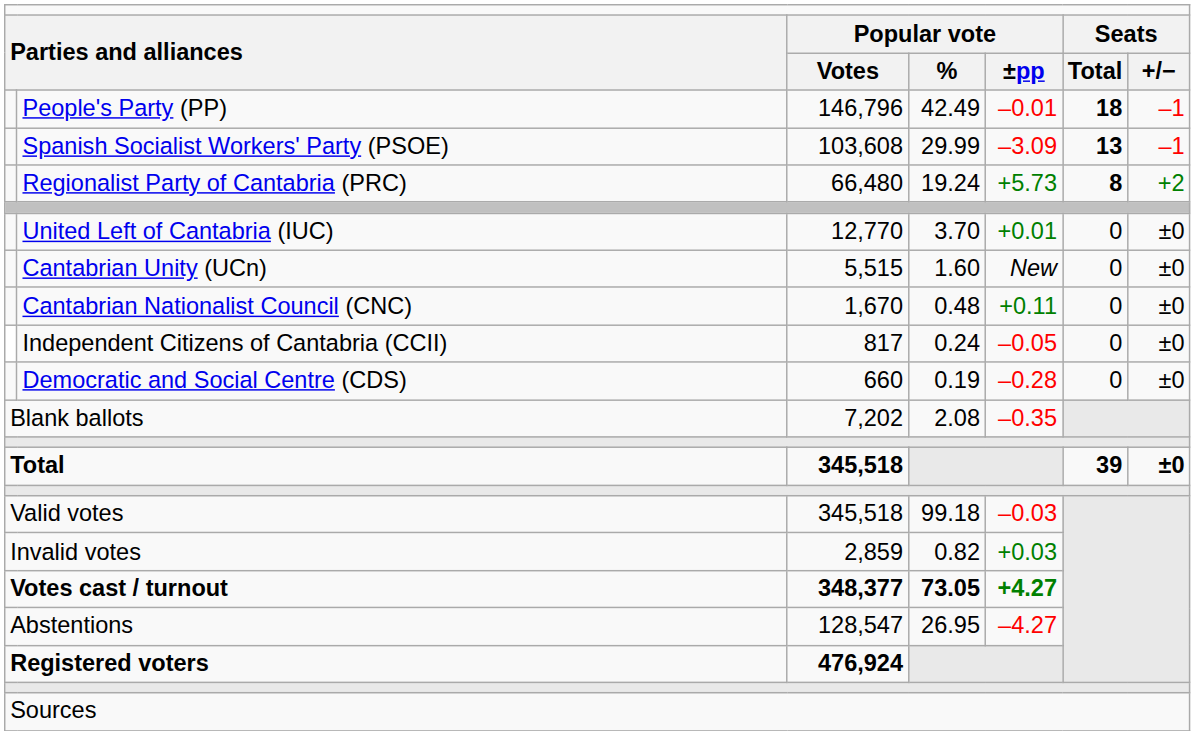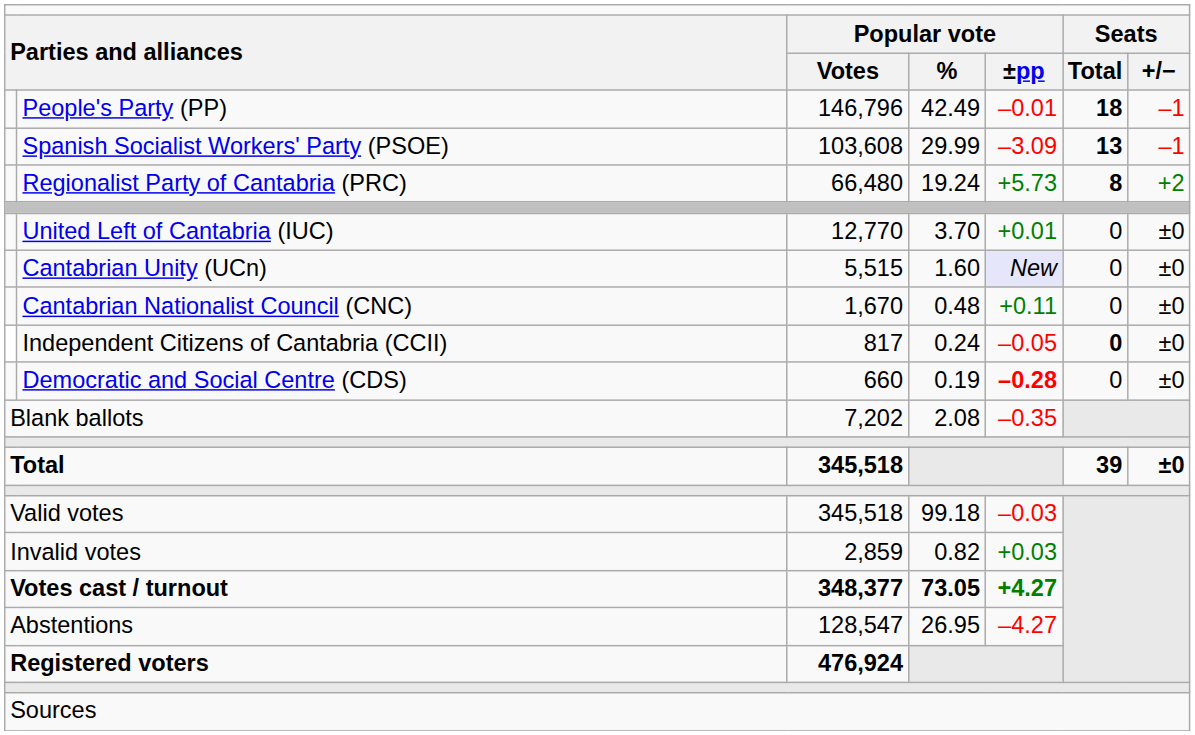 <table class="wikitable" style="text-align:right;">
 <tr>
 <td colspan="7"></td>
 </tr>
 <tr>
 <th style="text-align:left;" rowspan="2" colspan="2" width="525">Parties and alliances</th>
 <th colspan="3">Popular vote</th>
 <th colspan="2">Seats</th>
 </tr>
 <tr>
 <th width="75">Votes</th>
 <th width="45">%</th>
 <th width="45">±<a href='#'>pp</a></th>
 <th width="35">Total</th>
 <th width="35">+/−</th>
 </tr>
 <tr>
 <td width="1" style="color:inherit;background:"></td>
 <td align="left"><a href='#'>People's Party</a> (PP)</td>
 <td>146,796</td>
 <td>42.49</td>
 <td style="color:red;">–0.01</td>
 <td><strong>18</strong></td>
 <td style="color:red;">–1</td>
 </tr>
 <tr>
 <td style="color:inherit;background:"></td>
 <td align="left"><a href='#'>Spanish Socialist Workers' Party</a> (PSOE)</td>
 <td>103,608</td>
 <td>29.99</td>
 <td style="color:red;">–3.09</td>
 <td><strong>13</strong></td>
 <td style="color:red;">–1</td>
 </tr>
 <tr>
 <td style="color:inherit;background:"></td>
 <td align="left"><a href='#'>Regionalist Party of Cantabria</a> (PRC)</td>
 <td>66,480</td>
 <td>19.24</td>
 <td style="color:green;">+5.73</td>
 <td><strong>8</strong></td>
 <td style="color:green;">+2</td>
 </tr>
 <tr>
 <td colspan="7" bgcolor="#C0C0C0"></td>
 </tr>
 <tr>
 <td style="color:inherit;background:"></td>
 <td align="left"><a href='#'>United Left of Cantabria</a> (IUC)</td>
 <td>12,770</td>
 <td>3.70</td>
 <td style="color:green;">+0.01</td>
 <td>0</td>
 <td>±0</td>
 </tr>
 <tr>
 <td style="color:inherit;background:"></td>
 <td align="left"><a href='#'>Cantabrian Unity</a> (UCn)</td>
 <td>5,515</td>
 <td>1.60</td>
-<td><em>New</em></td>
+<td style="background: lavender;"><em>New</em></td>
 <td>0</td>
 <td>±0</td>
 </tr>
 <tr>
 <td style="color:inherit;background:"></td>
 <td align="left"><a href='#'>Cantabrian Nationalist Council</a> (CNC)</td>
 <td>1,670</td>
 <td>0.48</td>
 <td style="color:green;">+0.11</td>
 <td>0</td>
 <td>±0</td>
 </tr>
 <tr>
 <td bgcolor="white"></td>
 <td align="left">Independent Citizens of Cantabria (CCII)</td>
 <td>817</td>
 <td>0.24</td>
 <td style="color:red;">–0.05</td>
-<td>0</td>
+<td><strong>0</strong></td>
 <td>±0</td>
 </tr>
 <tr>
 <td style="color:inherit;background:"></td>
 <td align="left"><a href='#'>Democratic and Social Centre</a> (CDS)</td>
 <td>660</td>
 <td>0.19</td>
-<td style="color:red;">–0.28</td>
+<td style="color:red;"><strong>–0.28</strong></td>
 <td>0</td>
 <td>±0</td>
 </tr>
 <tr>
 <td align="left" colspan="2">Blank ballots</td>
 <td>7,202</td>
 <td>2.08</td>
 <td style="color:red;">–0.35</td>
 <td bgcolor="#E9E9E9" colspan="2"></td>
 </tr>
 <tr>
 <td colspan="7" bgcolor="#E9E9E9"></td>
 </tr>
 <tr style="font-weight:bold;">
 <td align="left" colspan="2">Total</td>
 <td>345,518</td>
 <td bgcolor="#E9E9E9" colspan="2"></td>
 <td>39</td>
 <td>±0</td>
 </tr>
 <tr>
 <td colspan="7" bgcolor="#E9E9E9"></td>
 </tr>
 <tr>
 <td align="left" colspan="2">Valid votes</td>
 <td>345,518</td>
 <td>99.18</td>
 <td style="color:red;">–0.03</td>
 <td bgcolor="#E9E9E9" colspan="2" rowspan="5"></td>
 </tr>
 <tr>
 <td align="left" colspan="2">Invalid votes</td>
 <td>2,859</td>
 <td>0.82</td>
 <td style="color:green;">+0.03</td>
 </tr>
 <tr style="font-weight:bold;">
 <td align="left" colspan="2">Votes cast / turnout</td>
 <td>348,377</td>
 <td>73.05</td>
 <td style="color:green;">+4.27</td>
 </tr>
 <tr>
 <td align="left" colspan="2">Abstentions</td>
 <td>128,547</td>
 <td>26.95</td>
 <td style="color:red;">–4.27</td>
 </tr>
 <tr style="font-weight:bold;">
 <td align="left" colspan="2">Registered voters</td>
 <td>476,924</td>
 <td bgcolor="#E9E9E9" colspan="2"></td>
 </tr>
 <tr>
 <td colspan="7" bgcolor="#E9E9E9"></td>
 </tr>
 <tr>
 <td align="left" colspan="7">Sources</td>
 </tr>
 </table>
